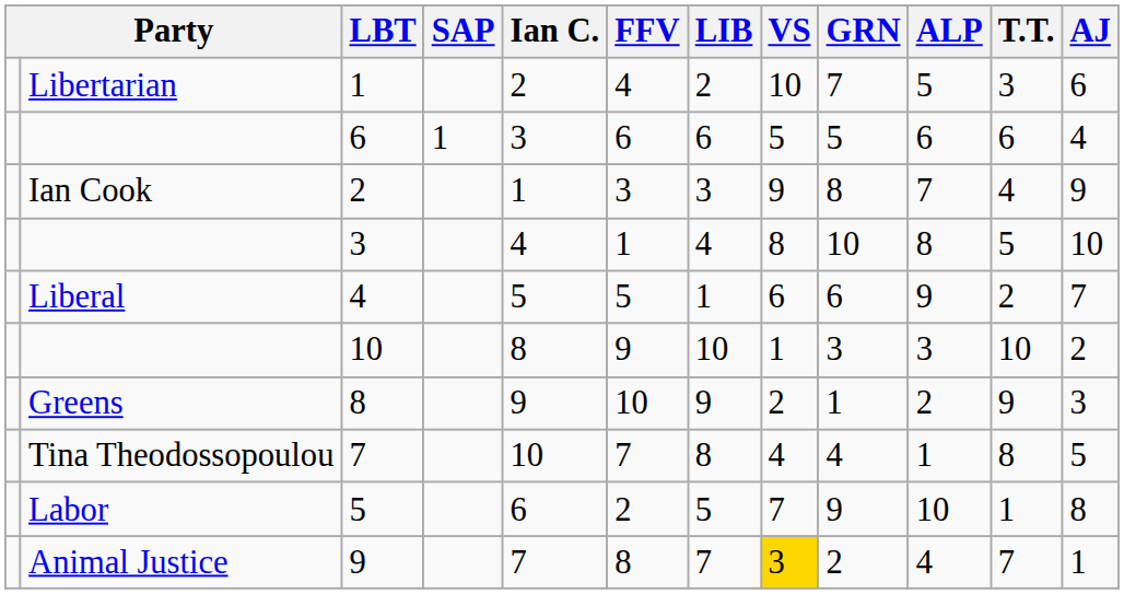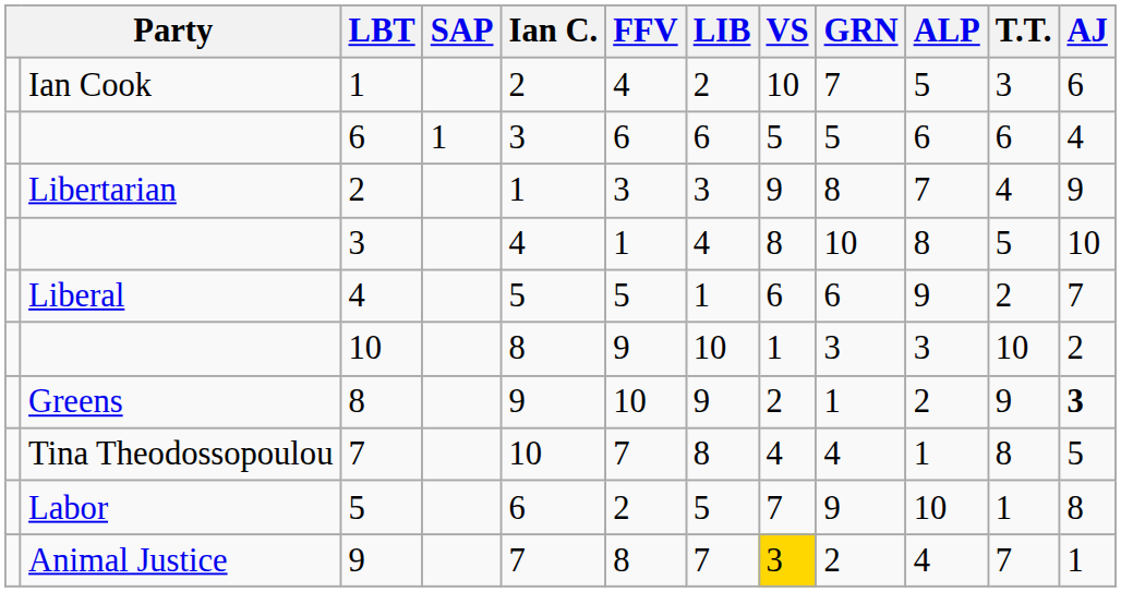 <table class="wikitable">
 <tr>
 <th colspan="2">Party</th>
 <th><a href='#'>LBT</a></th>
 <th><a href='#'>SAP</a></th>
 <th>Ian C.</th>
 <th><a href='#'>FFV</a></th>
 <th><a href='#'>LIB</a></th>
 <th><a href='#'>VS</a></th>
 <th><a href='#'>GRN</a></th>
 <th><a href='#'>ALP</a></th>
 <th>T.T.</th>
 <th><a href='#'>AJ</a></th>
 </tr>
 <tr>
 <td></td>
-<td><a href='#'>Libertarian</a></td>
+<td>Ian Cook</td>
 <td>1</td>
 <td></td>
 <td>2</td>
 <td>4</td>
 <td>2</td>
 <td>10</td>
 <td>7</td>
 <td>5</td>
 <td>3</td>
 <td>6</td>
 </tr>
 <tr>
 <td></td>
 <td></td>
 <td>6</td>
 <td>1</td>
 <td>3</td>
 <td>6</td>
 <td>6</td>
 <td>5</td>
 <td>5</td>
 <td>6</td>
 <td>6</td>
 <td>4</td>
 </tr>
 <tr>
 <td></td>
-<td>Ian Cook</td>
+<td><a href='#'>Libertarian</a></td>
 <td>2</td>
 <td></td>
 <td>1</td>
 <td>3</td>
 <td>3</td>
 <td>9</td>
 <td>8</td>
 <td>7</td>
 <td>4</td>
 <td>9</td>
 </tr>
 <tr>
 <td></td>
 <td></td>
 <td>3</td>
 <td></td>
 <td>4</td>
 <td>1</td>
 <td>4</td>
 <td>8</td>
 <td>10</td>
 <td>8</td>
 <td>5</td>
 <td>10</td>
 </tr>
 <tr>
 <td></td>
 <td><a href='#'>Liberal</a></td>
 <td>4</td>
 <td></td>
 <td>5</td>
 <td>5</td>
 <td>1</td>
 <td>6</td>
 <td>6</td>
 <td>9</td>
 <td>2</td>
 <td>7</td>
 </tr>
 <tr>
 <td></td>
 <td></td>
 <td>10</td>
 <td></td>
 <td>8</td>
 <td>9</td>
 <td>10</td>
 <td>1</td>
 <td>3</td>
 <td>3</td>
 <td>10</td>
 <td>2</td>
 </tr>
 <tr>
 <td></td>
 <td><a href='#'>Greens</a></td>
 <td>8</td>
 <td></td>
 <td>9</td>
 <td>10</td>
 <td>9</td>
 <td>2</td>
 <td>1</td>
 <td>2</td>
 <td>9</td>
-<td>3</td>
+<td><strong>3</strong></td>
 </tr>
 <tr>
 <td></td>
 <td>Tina Theodossopoulou</td>
 <td>7</td>
 <td></td>
 <td>10</td>
 <td>7</td>
 <td>8</td>
 <td>4</td>
 <td>4</td>
 <td>1</td>
 <td>8</td>
 <td>5</td>
 </tr>
 <tr>
 <td></td>
 <td><a href='#'>Labor</a></td>
 <td>5</td>
 <td></td>
 <td>6</td>
 <td>2</td>
 <td>5</td>
 <td>7</td>
 <td>9</td>
 <td>10</td>
 <td>1</td>
 <td>8</td>
 </tr>
 <tr>
 <td></td>
 <td><a href='#'>Animal Justice</a></td>
 <td>9</td>
 <td></td>
 <td>7</td>
 <td>8</td>
 <td>7</td>
 <td style="background: gold;">3</td>
 <td>2</td>
 <td>4</td>
 <td>7</td>
 <td>1</td>
 </tr>
 </table>
